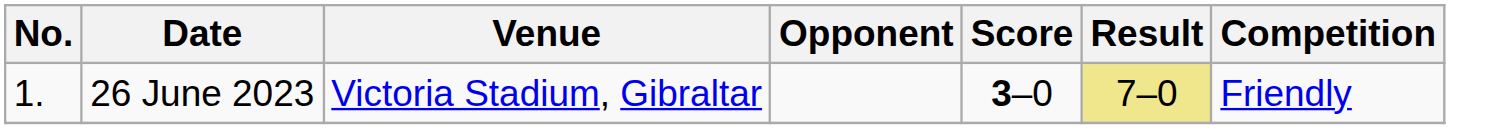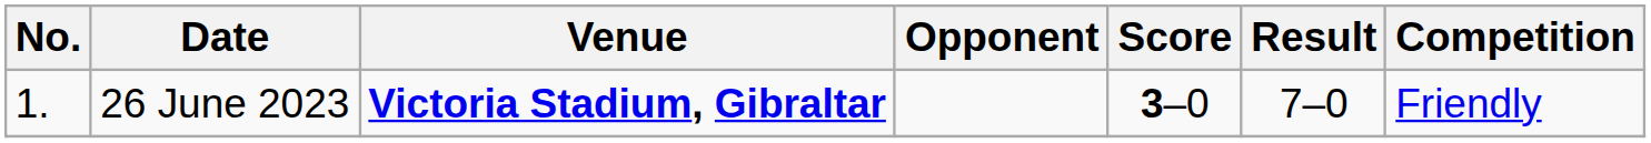 <table class="wikitable">
 <tr>
 <th>No.</th>
 <th>Date</th>
 <th>Venue</th>
 <th>Opponent</th>
 <th>Score</th>
 <th>Result</th>
 <th>Competition</th>
 </tr>
 <tr>
 <td>1.</td>
 <td>26 June 2023</td>
-<td><a href='#'>Victoria Stadium</a>, <a href='#'>Gibraltar</a></td>
+<td><strong><a href='#'>Victoria Stadium</a>, <a href='#'>Gibraltar</a></strong></td>
 <td></td>
 <td align=center><strong>3</strong>–0</td>
-<td align=center style="background: khaki;">7–0</td>
+<td align=center>7–0</td>
 <td><a href='#'>Friendly</a></td>
 </tr>
 <tr>
 </tr>
 </table>
